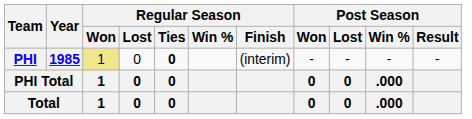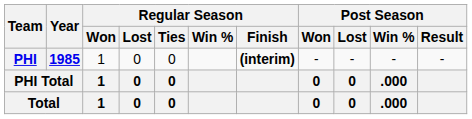 <table class="wikitable" style="font-size: 95%; text-align:center;">
 <tr>
 <th rowspan="2">Team</th>
 <th rowspan="2">Year</th>
 <th colspan="5">Regular Season</th>
 <th colspan="4">Post Season</th>
 </tr>
 <tr>
 <th>Won</th>
 <th>Lost</th>
 <th>Ties</th>
 <th>Win %</th>
 <th>Finish</th>
 <th>Won</th>
 <th>Lost</th>
 <th>Win %</th>
 <th>Result</th>
 </tr>
 <tr>
 <th><a href='#'>PHI</a></th>
 <th><a href='#'>1985</a></th>
-<td style="background: khaki;">1</td>
+<td>1</td>
 <td>0</td>
-<td><strong>0</strong></td>
+<td>0</td>
 <td></td>
-<td>(interim)</td>
+<td><strong>(interim)</strong></td>
 <td>-</td>
 <td>-</td>
 <td>-</td>
 <td>-</td>
 </tr>
 <tr>
 <th colspan="2">PHI Total</th>
 <th>1</th>
 <th>0</th>
 <th>0</th>
 <th></th>
 <th></th>
 <th>0</th>
 <th>0</th>
 <th>.000</th>
 <th></th>
 </tr>
 <tr>
 <th colspan="2">Total</th>
 <th>1</th>
 <th>0</th>
 <th>0</th>
 <th></th>
 <th></th>
 <th>0</th>
 <th>0</th>
 <th>.000</th>
 <th></th>
 </tr>
 </table>
